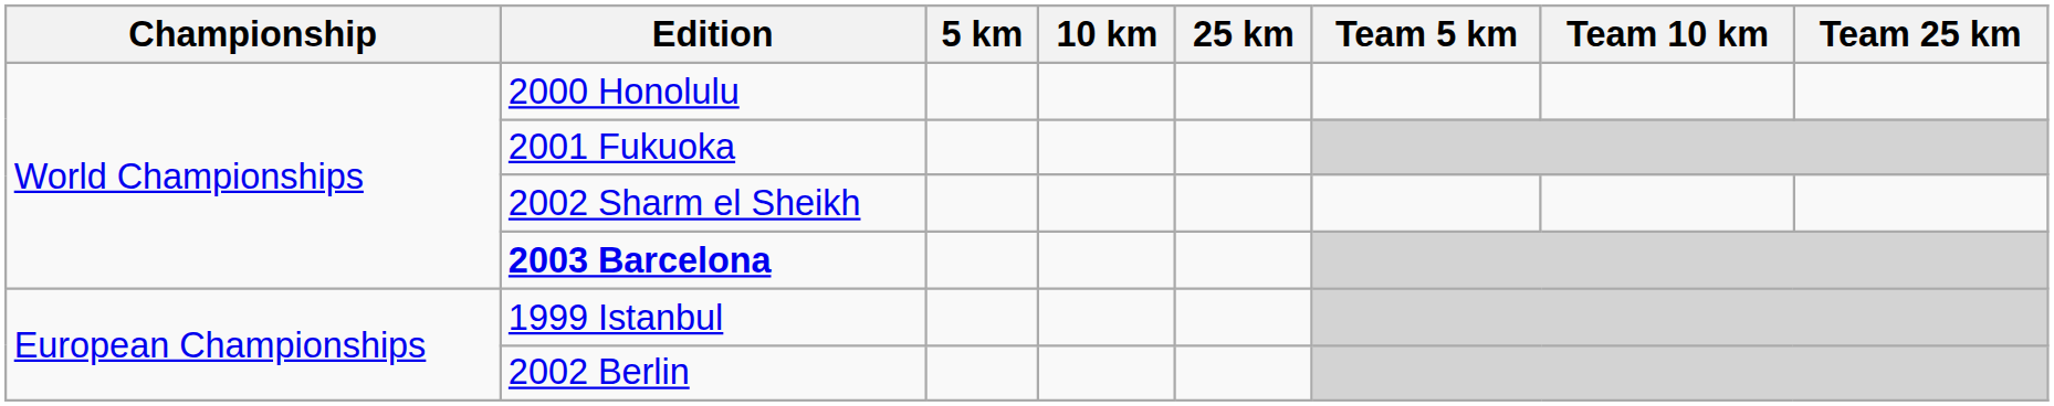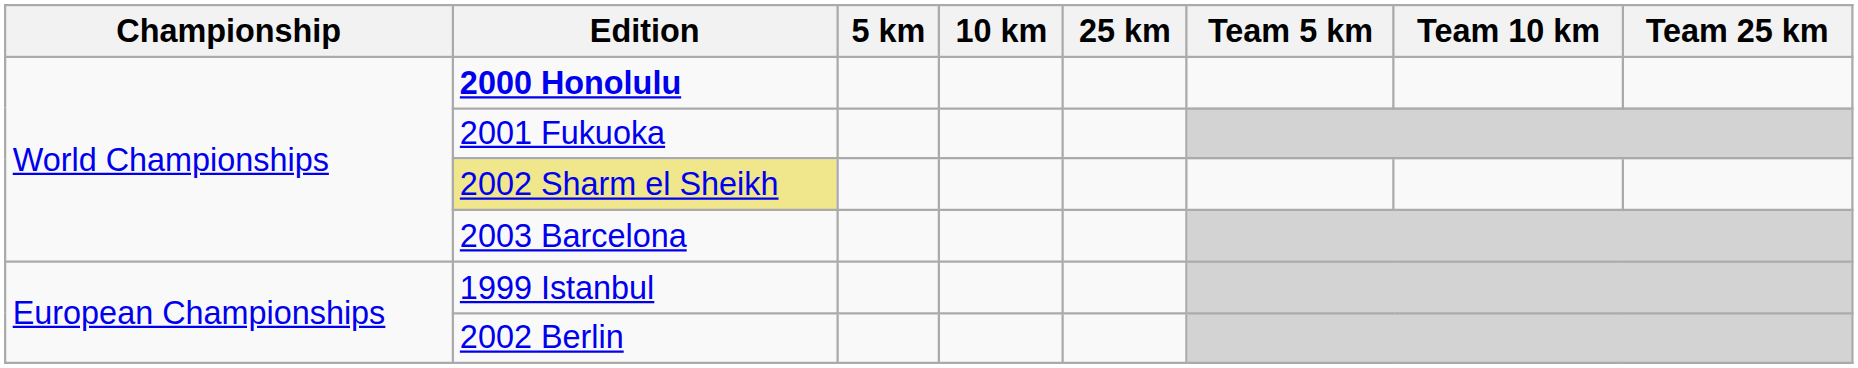 <table class="wikitable" width=65% style="font-size:90%; text-align:center;">
 <tr>
 <th>Championship</th>
 <th>Edition</th>
 <th class="unsortable">5 km</th>
 <th class="unsortable">10 km</th>
 <th class="unsortable">25 km</th>
 <th class="unsortable">Team 5 km</th>
 <th class="unsortable">Team 10 km</th>
 <th class="unsortable">Team 25 km</th>
 </tr>
 <tr>
 <td rowspan=4 align=left><a href='#'>World Championships</a></td>
-<td align=left> <a href='#'>2000 Honolulu</a></td>
+<td align=left><strong> <a href='#'>2000 Honolulu</a></strong></td>
 <td></td>
 <td></td>
 <td></td>
 <td></td>
 <td></td>
 <td></td>
 </tr>
 <tr>
 <td align=left> <a href='#'>2001 Fukuoka</a></td>
 <td></td>
 <td></td>
 <td></td>
 <td colspan=3 bgcolor=lightgrey></td>
 </tr>
 <tr>
-<td align=left> <a href='#'>2002 Sharm el Sheikh</a></td>
+<td align=left style="background: khaki;"> <a href='#'>2002 Sharm el Sheikh</a></td>
 <td></td>
 <td></td>
 <td></td>
 <td></td>
 <td></td>
 <td></td>
 </tr>
 <tr>
-<td align=left><strong> <a href='#'>2003 Barcelona</a></strong></td>
+<td align=left> <a href='#'>2003 Barcelona</a></td>
 <td></td>
 <td></td>
 <td></td>
 <td colspan=3 bgcolor=lightgrey></td>
 </tr>
 <tr>
 <td rowspan=2 align=left><a href='#'>European Championships</a></td>
 <td align=left> <a href='#'>1999 Istanbul</a></td>
 <td></td>
 <td></td>
 <td></td>
 <td colspan=3 bgcolor=lightgrey></td>
 </tr>
 <tr>
 <td align=left> <a href='#'>2002 Berlin</a></td>
 <td></td>
 <td></td>
 <td></td>
 <td colspan=3 bgcolor=lightgrey></td>
 </tr>
 </table>
